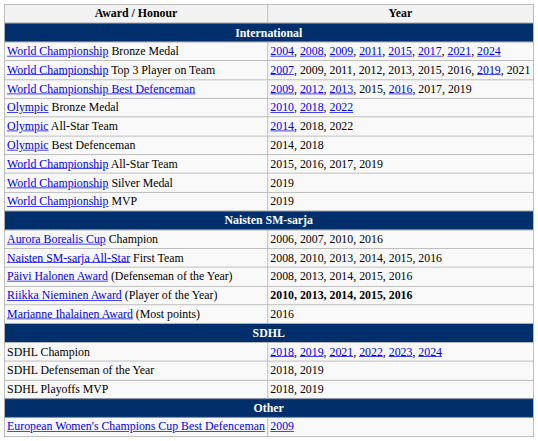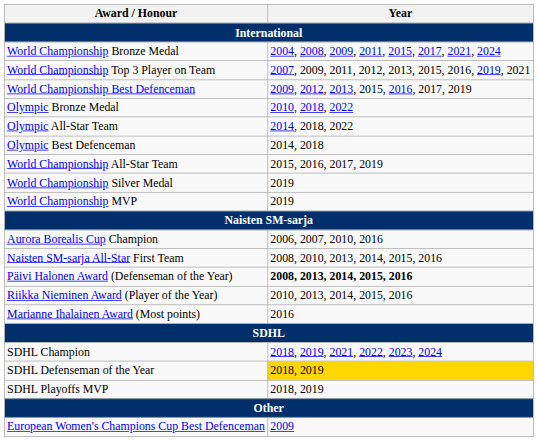 <table class="wikitable">
 <tr>
 <th>Award / Honour</th>
 <th>Year</th>
 </tr>
 <tr>
 <th style="text-align:center; color:white; background:#002f6c;" colspan="2">International</th>
 </tr>
 <tr>
 <td><a href='#'>World Championship</a> Bronze Medal</td>
 <td><a href='#'>2004</a>, <a href='#'>2008</a>, <a href='#'>2009</a>, <a href='#'>2011</a>, <a href='#'>2015</a>, <a href='#'>2017</a>, <a href='#'>2021</a>, <a href='#'>2024</a></td>
 </tr>
 <tr>
 <td><a href='#'>World Championship</a> Top 3 Player on Team</td>
 <td><a href='#'>2007</a>, 2009, 2011, 2012, 2013, 2015, 2016, <a href='#'>2019</a>, 2021</td>
 </tr>
 <tr>
 <td><a href='#'>World Championship Best Defenceman</a></td>
 <td><a href='#'>2009</a>, <a href='#'>2012</a>, <a href='#'>2013</a>, 2015, <a href='#'>2016</a>, 2017, 2019</td>
 </tr>
 <tr>
 <td><a href='#'>Olympic</a> Bronze Medal</td>
 <td><a href='#'>2010</a>, <a href='#'>2018</a>, <a href='#'>2022</a></td>
 </tr>
 <tr>
 <td><a href='#'>Olympic</a> All-Star Team</td>
 <td><a href='#'>2014</a>, 2018, 2022</td>
 </tr>
 <tr>
 <td><a href='#'>Olympic</a> Best Defenceman</td>
 <td>2014, 2018</td>
 </tr>
 <tr>
 <td><a href='#'>World Championship</a> All-Star Team</td>
 <td>2015, 2016, 2017, 2019</td>
 </tr>
 <tr>
 <td><a href='#'>World Championship</a> Silver Medal</td>
 <td>2019</td>
 </tr>
 <tr>
 <td><a href='#'>World Championship</a> MVP</td>
 <td>2019</td>
 </tr>
 <tr>
 <th style="text-align:center; color:white; background:#002f6c;" colspan="2">Naisten SM-sarja</th>
 </tr>
 <tr>
 <td><a href='#'>Aurora Borealis Cup</a> Champion</td>
 <td>2006, 2007, 2010, 2016</td>
 </tr>
 <tr>
 <td><a href='#'>Naisten SM-sarja All-Star</a> First Team</td>
 <td>2008, 2010, 2013, 2014, 2015, 2016</td>
 </tr>
 <tr>
 <td><a href='#'>Päivi Halonen Award</a> (Defenseman of the Year)</td>
-<td>2008, 2013, 2014, 2015, 2016</td>
+<td><strong>2008, 2013, 2014, 2015, 2016</strong></td>
 </tr>
 <tr>
 <td><a href='#'>Riikka Nieminen Award</a> (Player of the Year)</td>
-<td><strong>2010, 2013, 2014, 2015, 2016</strong></td>
+<td>2010, 2013, 2014, 2015, 2016</td>
 </tr>
 <tr>
 <td><a href='#'>Marianne Ihalainen Award</a> (Most points)</td>
 <td>2016</td>
 </tr>
 <tr>
 <th style="text-align:center; color:white; background:#002f6c;" colspan="2">SDHL</th>
 </tr>
 <tr>
 <td>SDHL Champion</td>
 <td><a href='#'>2018</a>, <a href='#'>2019</a>, <a href='#'>2021</a>, <a href='#'>2022</a>, <a href='#'>2023</a>, <a href='#'>2024</a></td>
 </tr>
 <tr>
 <td>SDHL Defenseman of the Year</td>
-<td>2018, 2019</td>
+<td style="background: gold;">2018, 2019</td>
 </tr>
 <tr>
 <td>SDHL Playoffs MVP</td>
 <td>2018, 2019</td>
 </tr>
 <tr>
 <th style="text-align:center; color:white; background:#002f6c;" colspan="2">Other</th>
 </tr>
 <tr>
 <td><a href='#'>European Women's Champions Cup Best Defenceman</a></td>
 <td><a href='#'>2009</a></td>
 </tr>
 </table>
